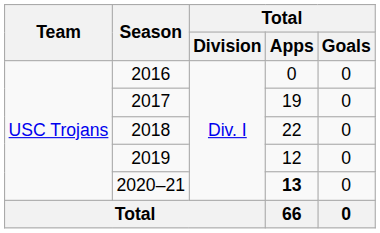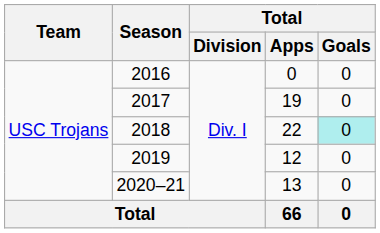 <table class="wikitable" style="text-align: center;">
 <tr>
 <th rowspan="2">Team</th>
 <th rowspan="2">Season</th>
 <th colspan="3">Total</th>
 </tr>
 <tr>
 <th>Division</th>
 <th>Apps</th>
 <th>Goals</th>
 </tr>
 <tr>
 <td rowspan="5"><a href='#'>USC Trojans</a></td>
 <td>2016</td>
 <td rowspan="5"><a href='#'>Div. I</a></td>
 <td>0</td>
 <td>0</td>
 </tr>
 <tr>
 <td>2017</td>
 <td>19</td>
 <td>0</td>
 </tr>
 <tr>
 <td>2018</td>
 <td>22</td>
-<td>0</td>
+<td style="background: paleturquoise;">0</td>
 </tr>
 <tr>
 <td>2019</td>
 <td>12</td>
 <td>0</td>
 </tr>
 <tr>
 <td>2020–21</td>
-<td><strong>13</strong></td>
+<td>13</td>
 <td>0</td>
 </tr>
 <tr>
 <th colspan="3">Total</th>
 <th>66</th>
 <th>0</th>
 </tr>
 </table>
